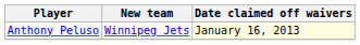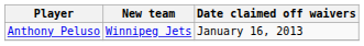 <table class="wikitable">
 <tr>
 <th>Player</th>
 <th>New team</th>
 <th>Date claimed off waivers</th>
 </tr>
 <tr>
 <td><a href='#'>Anthony Peluso</a></td>
 <td><a href='#'>Winnipeg Jets</a></td>
-<td style="background: lightyellow;">January 16, 2013</td>
+<td>January 16, 2013</td>
 </tr>
 <tr>
 </tr>
 </table>
